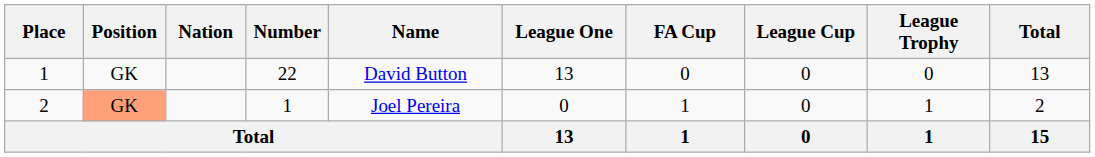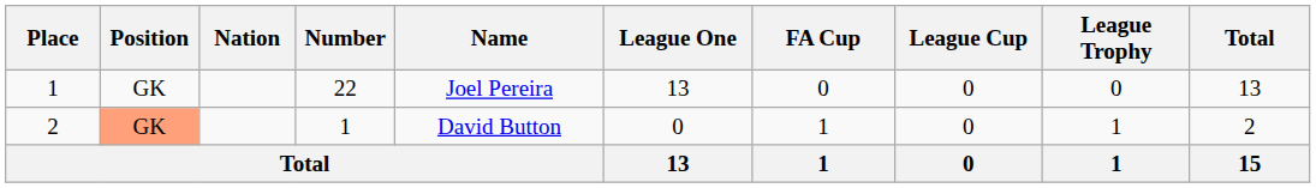 <table class="wikitable" style="font-size: 95%; text-align: center;">
 <tr>
 <th width=60>Place</th>
 <th width=60>Position</th>
 <th width=60>Nation</th>
 <th width=60>Number</th>
 <th width=150>Name</th>
 <th width=100>League One</th>
 <th width=100>FA Cup</th>
 <th width=100>League Cup</th>
 <th width=100>League Trophy</th>
 <th width=80><strong>Total</strong></th>
 </tr>
 <tr>
 <td>1</td>
 <td>GK</td>
 <td></td>
 <td>22</td>
-<td><a href='#'>David Button</a></td>
+<td><a href='#'>Joel Pereira</a></td>
 <td>13</td>
 <td>0</td>
 <td>0</td>
 <td>0</td>
 <td>13</td>
 </tr>
 <tr>
 <td>2</td>
 <td style="background: lightsalmon;">GK</td>
 <td></td>
 <td>1</td>
-<td><a href='#'>Joel Pereira</a></td>
+<td><a href='#'>David Button</a></td>
 <td>0</td>
 <td>1</td>
 <td>0</td>
 <td>1</td>
 <td>2</td>
 </tr>
 <tr>
 <th colspan="5"><strong>Total</strong></th>
 <th>13</th>
 <th>1</th>
 <th>0</th>
 <th>1</th>
 <th><strong>15</strong></th>
 </tr>
 </table>
